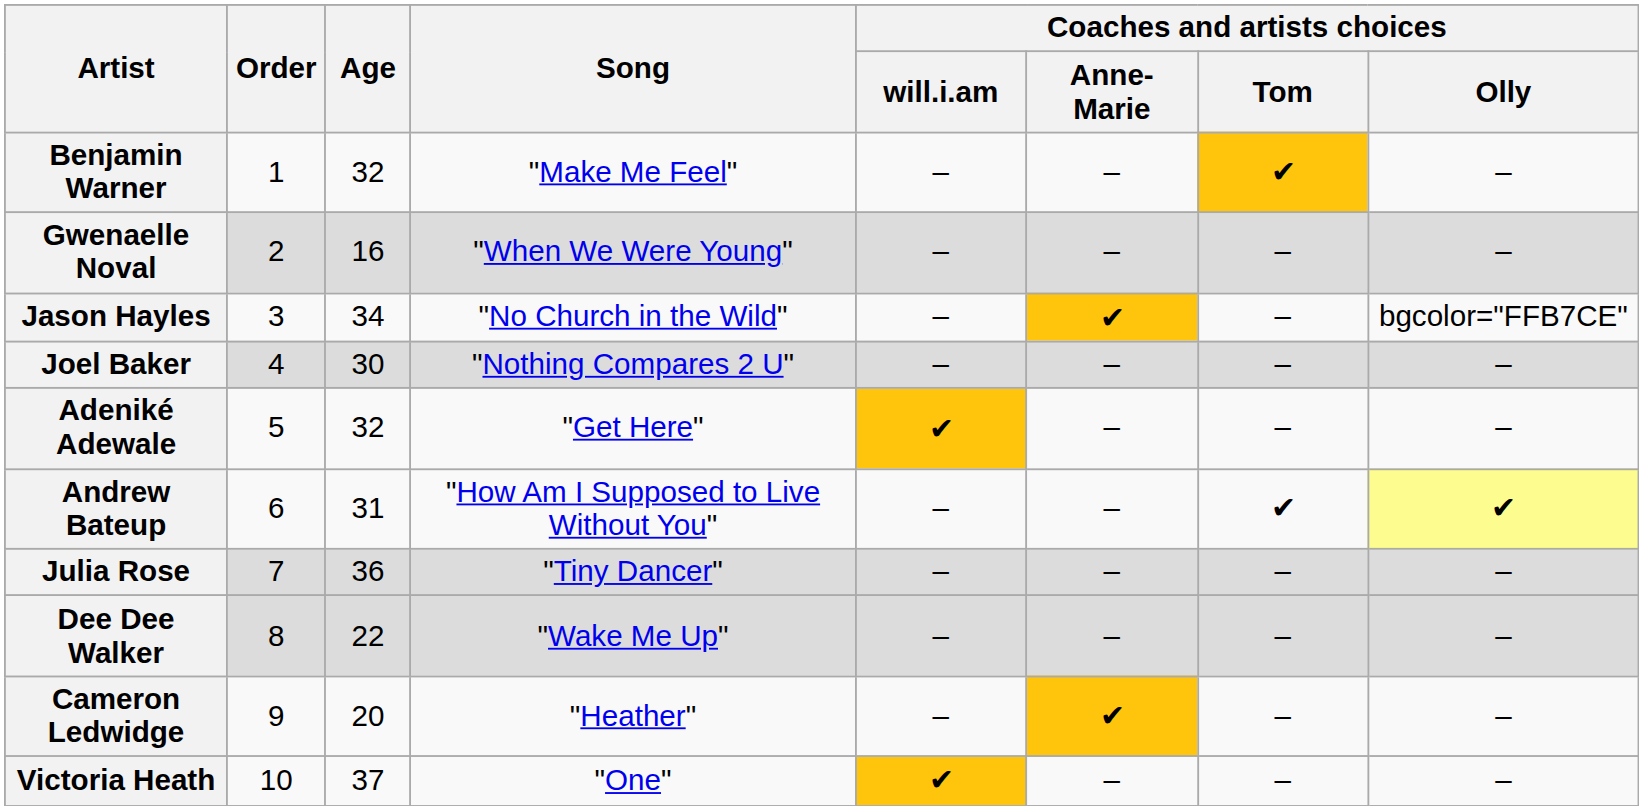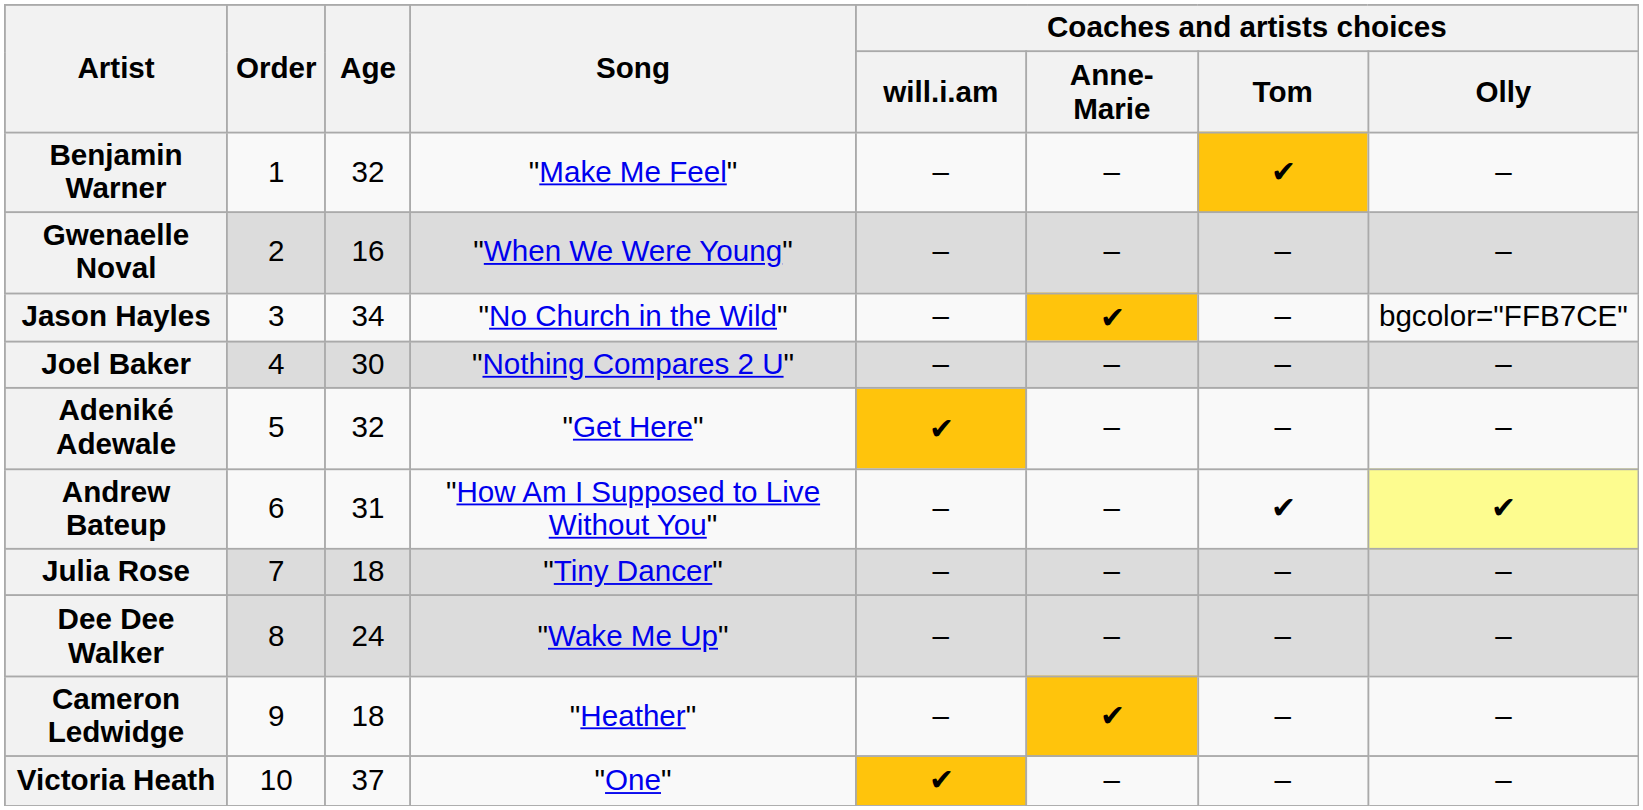 <table class="wikitable" style="text-align:center; width:100%">
 <tr>
 <th scope="col" rowspan="2" style="width:13%">Artist</th>
 <th scope="col" rowspan="2" style="width:05%">Order</th>
 <th scope="col" rowspan="2" style="width:05%">Age</th>
 <th scope="col" rowspan="2" style="width:26%">Song</th>
 <th scope="row" colspan="4" style="width:40%">Coaches and artists choices</th>
 </tr>
 <tr>
 <th style="width:10%">will.i.am</th>
 <th style="width:10%">Anne-Marie</th>
 <th style="width:10%">Tom</th>
 <th style="width:10%">Olly</th>
 </tr>
 <tr>
 <th scope="row">Benjamin Warner</th>
 <td>1</td>
 <td>32</td>
 <td>"<a href='#'>Make Me Feel</a>"</td>
 <td>–</td>
 <td>–</td>
 <td style="background:#ffc40c">✔</td>
 <td>–</td>
 </tr>
 <tr style="background:#DCDCDC">
 <th scope="row">Gwenaelle Noval</th>
 <td>2</td>
 <td>16</td>
 <td>"<a href='#'>When We Were Young</a>"</td>
 <td>–</td>
 <td>–</td>
 <td>–</td>
 <td>–</td>
 </tr>
 <tr>
 <th scope="row">Jason Hayles</th>
 <td>3</td>
 <td>34</td>
 <td>"<a href='#'>No Church in the Wild</a>"</td>
 <td>–</td>
 <td style="background:#ffc40c">✔</td>
 <td>–</td>
 <td>bgcolor="FFB7CE"</td>
 </tr>
 <tr style="background:#DCDCDC">
 <th scope="row">Joel Baker</th>
 <td>4</td>
 <td>30</td>
 <td>"<a href='#'>Nothing Compares 2 U</a>"</td>
 <td>–</td>
 <td>–</td>
 <td>–</td>
 <td>–</td>
 </tr>
 <tr>
 <th scope="row">Adeniké Adewale</th>
 <td>5</td>
 <td>32</td>
 <td>"<a href='#'>Get Here</a>"</td>
 <td style="background:#ffc40c">✔</td>
 <td>–</td>
 <td>–</td>
 <td>–</td>
 </tr>
 <tr>
 <th scope="row">Andrew Bateup</th>
 <td>6</td>
 <td>31</td>
 <td>"<a href='#'>How Am I Supposed to Live Without You</a>"</td>
 <td>–</td>
 <td>–</td>
 <td>✔</td>
 <td style="background:#fdfc8f">✔</td>
 </tr>
 <tr style="background:#DCDCDC">
 <th scope="row">Julia Rose</th>
 <td>7</td>
-<td>36</td>
+<td>18</td>
 <td>"<a href='#'>Tiny Dancer</a>"</td>
 <td>–</td>
 <td>–</td>
 <td>–</td>
 <td>–</td>
 </tr>
 <tr style="background:#DCDCDC">
 <th scope="row">Dee Dee Walker</th>
 <td>8</td>
-<td>22</td>
+<td>24</td>
 <td>"<a href='#'>Wake Me Up</a>"</td>
 <td>–</td>
 <td>–</td>
 <td>–</td>
 <td>–</td>
 </tr>
 <tr>
 <th scope="row">Cameron Ledwidge</th>
 <td>9</td>
-<td>20</td>
+<td>18</td>
 <td>"<a href='#'>Heather</a>"</td>
 <td>–</td>
 <td style="background:#ffc40c">✔</td>
 <td>–</td>
 <td>–</td>
 </tr>
 <tr>
 <th scope="row">Victoria Heath</th>
 <td>10</td>
 <td>37</td>
 <td>"<a href='#'>One</a>"</td>
 <td style="background:#ffc40c">✔</td>
 <td>–</td>
 <td>–</td>
 <td>–</td>
 </tr>
 </table>
